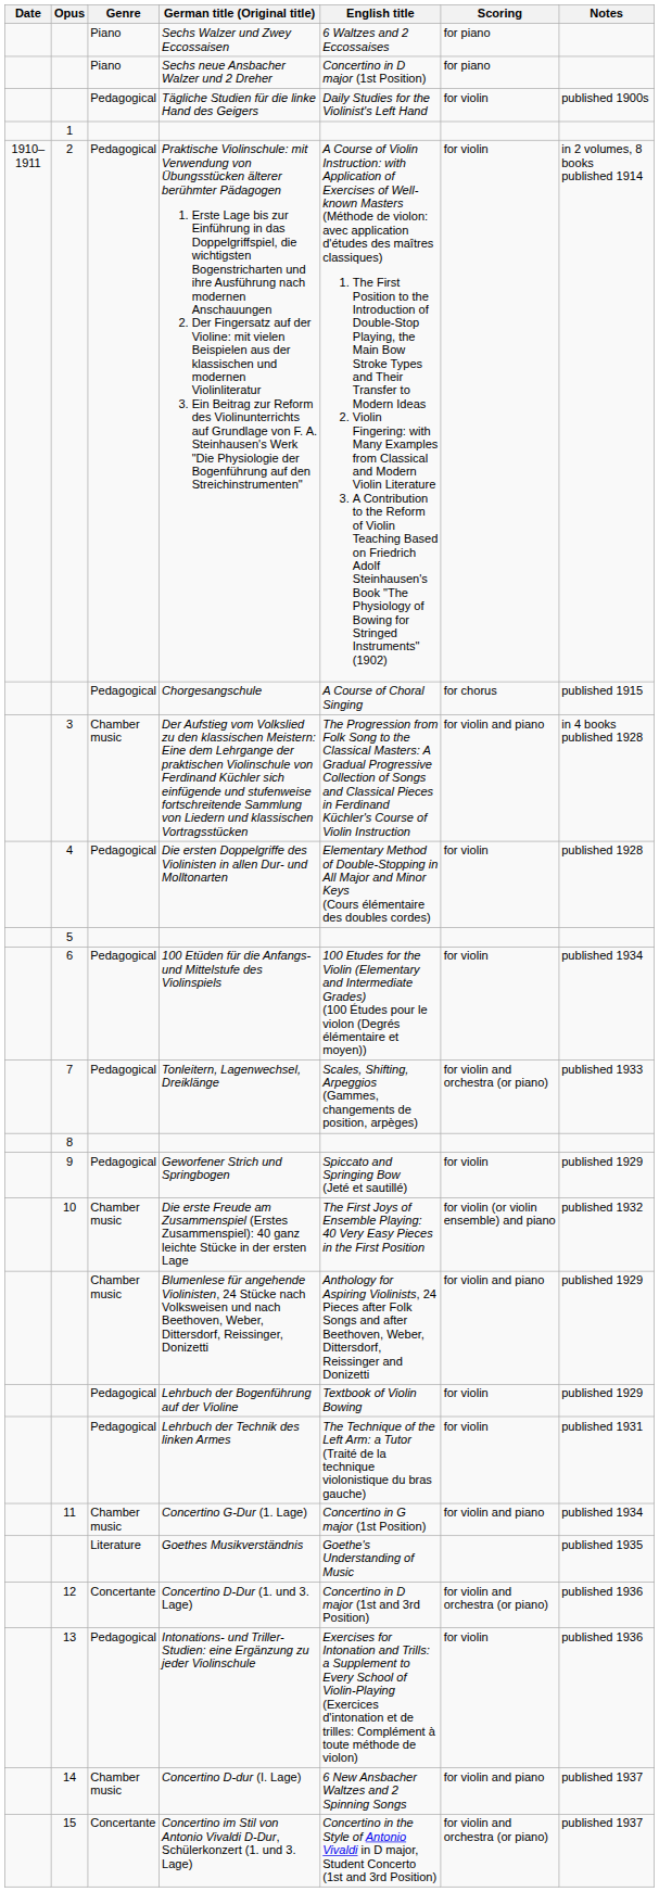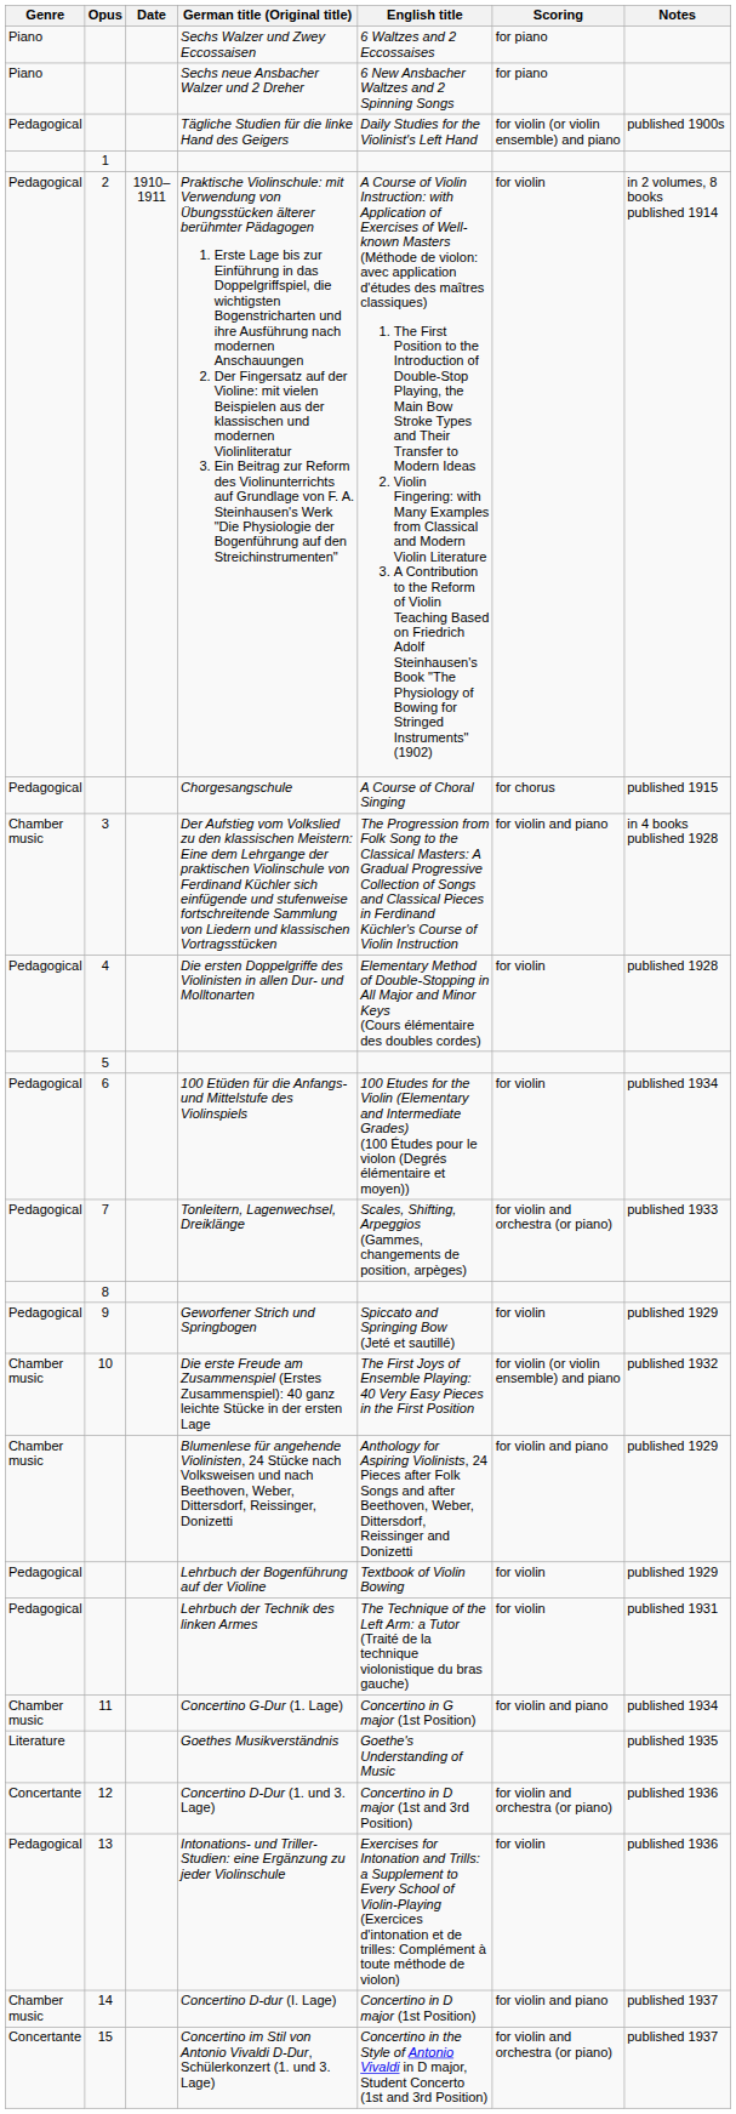 <table class="sortable wikitable" style="margins:auto; width=95%;">
 <tr>
+<th width="80">Genre</th>
+<th width="35">Opus</th>
 <th width="55">Date</th>
-<th width="35">Opus</th>
-<th width="80">Genre</th>
 <th width=>German title (Original title)</th>
 <th width=>English title</th>
 <th width=150>Scoring</th>
 <th width="120">Notes</th>
 </tr>
 <tr valign="top">
+<td>Piano</td>
 <td align=center></td>
 <td align=center></td>
-<td>Piano</td>
 <td><em>Sechs Walzer und Zwey Eccossaisen</em></td>
 <td><em>6 Waltzes and 2 Eccossaises</em></td>
 <td>for piano</td>
 <td></td>
 </tr>
 <tr valign="top">
+<td>Piano</td>
 <td align=center></td>
 <td align=center></td>
-<td>Piano</td>
 <td><em>Sechs neue Ansbacher Walzer und 2 Dreher</em></td>
-<td><em>Concertino in D major</em> (1st Position)</td>
+<td><em>6 New Ansbacher Waltzes and 2 Spinning Songs</em></td>
 <td>for piano</td>
 <td></td>
 </tr>
 <tr valign="top">
+<td>Pedagogical</td>
 <td align=center></td>
 <td align=center></td>
-<td>Pedagogical</td>
 <td><em>Tägliche Studien für die linke Hand des Geigers</em></td>
 <td><em>Daily Studies for the Violinist's Left Hand</em></td>
-<td>for violin</td>
+<td>for violin (or violin ensemble) and piano</td>
 <td>published 1900s</td>
 </tr>
 <tr valign="top">
+<td></td>
+<td align=center>1</td>
 <td align=center></td>
-<td align=center>1</td>
-<td></td>
 <td></td>
 <td></td>
 <td></td>
 <td></td>
 </tr>
 <tr valign="top">
+<td>Pedagogical</td>
+<td align=center>2</td>
 <td align=center>1910–1911</td>
-<td align=center>2</td>
-<td>Pedagogical</td>
 <td><em>Praktische Violinschule: mit Verwendung von Übungsstücken älterer berühmter Pädagogen</em><br><ol><li>Erste Lage bis zur Einführung in das Doppelgriffspiel, die wichtigsten Bogenstricharten und ihre Ausführung nach modernen Anschauungen</li><li>Der Fingersatz auf der Violine: mit vielen Beispielen aus der klassischen und modernen Violinliteratur</li><li>Ein Beitrag zur Reform des Violinunterrichts auf Grundlage von F. A. Steinhausen's Werk "Die Physiologie der Bogenführung auf den Streichinstrumenten"</li></ol></td>
 <td><em>A Course of Violin Instruction: with Application of Exercises of Well-known Masters</em> <br> (Méthode de violon: avec application d'études des maîtres classiques)<br><ol><li>The First Position to the Introduction of Double-Stop Playing, the Main Bow Stroke Types and Their Transfer to Modern Ideas</li><li>Violin Fingering: with Many Examples from Classical and Modern Violin Literature</li><li>A Contribution to the Reform of Violin Teaching Based on Friedrich Adolf Steinhausen's Book "The Physiology of Bowing for Stringed Instruments" (1902)</li></ol></td>
 <td>for violin</td>
 <td>in 2 volumes, 8 books <br> published 1914</td>
 </tr>
 <tr valign="top">
+<td>Pedagogical</td>
 <td align=center></td>
 <td align=center></td>
-<td>Pedagogical</td>
 <td><em>Chorgesangschule</em></td>
 <td><em>A Course of Choral Singing</em></td>
 <td>for chorus</td>
 <td>published 1915</td>
 </tr>
 <tr valign="top">
+<td>Chamber music</td>
+<td align=center>3</td>
 <td align=center></td>
-<td align=center>3</td>
-<td>Chamber music</td>
 <td><em>Der Aufstieg vom Volkslied zu den klassischen Meistern: Eine dem Lehrgange der praktischen Violinschule von Ferdinand Küchler sich einfügende und stufenweise fortschreitende Sammlung von Liedern und klassischen Vortragsstücken</em><br></td>
 <td><em>The Progression from Folk Song to the Classical Masters: A Gradual Progressive Collection of Songs and Classical Pieces in Ferdinand Küchler's Course of Violin Instruction</em></td>
 <td>for violin and piano</td>
 <td>in 4 books <br> published 1928</td>
 </tr>
 <tr valign="top">
+<td>Pedagogical</td>
+<td align=center>4</td>
 <td align=center></td>
-<td align=center>4</td>
-<td>Pedagogical</td>
 <td><em>Die ersten Doppelgriffe des Violinisten in allen Dur- und Molltonarten</em></td>
 <td><em>Elementary Method of Double-Stopping in All Major and Minor Keys</em> <br> (Cours élémentaire des doubles cordes)</td>
 <td>for violin</td>
 <td>published 1928</td>
 </tr>
 <tr valign="top">
+<td></td>
+<td align=center>5</td>
 <td align=center></td>
-<td align=center>5</td>
-<td></td>
 <td></td>
 <td></td>
 <td></td>
 <td></td>
 </tr>
 <tr valign="top">
+<td>Pedagogical</td>
+<td align=center>6</td>
 <td align=center></td>
-<td align=center>6</td>
-<td>Pedagogical</td>
 <td><em>100 Etüden für die Anfangs- und Mittelstufe des Violinspiels</em></td>
 <td><em>100 Etudes for the Violin (Elementary and Intermediate Grades)</em> <br> (100 Études pour le violon (Degrés élémentaire et moyen))</td>
 <td>for violin</td>
 <td>published 1934</td>
 </tr>
 <tr valign="top">
+<td>Pedagogical</td>
+<td align=center>7</td>
 <td align=center></td>
-<td align=center>7</td>
-<td>Pedagogical</td>
 <td><em>Tonleitern, Lagenwechsel, Dreiklänge</em></td>
 <td><em>Scales, Shifting, Arpeggios</em> <br> (Gammes, changements de position, arpèges)</td>
 <td>for violin and orchestra (or piano)</td>
 <td>published 1933</td>
 </tr>
 <tr valign="top">
+<td></td>
+<td align=center>8</td>
 <td align=center></td>
-<td align=center>8</td>
-<td></td>
 <td></td>
 <td></td>
 <td></td>
 <td></td>
 </tr>
 <tr valign="top">
+<td>Pedagogical</td>
+<td align=center>9</td>
 <td align=center></td>
-<td align=center>9</td>
-<td>Pedagogical</td>
 <td><em>Geworfener Strich und Springbogen</em></td>
 <td><em>Spiccato and Springing Bow</em> <br> (Jeté et sautillé)</td>
 <td>for violin</td>
 <td>published 1929</td>
 </tr>
 <tr valign="top">
+<td>Chamber music</td>
+<td align=center>10</td>
 <td align=center></td>
-<td align=center>10</td>
-<td>Chamber music</td>
 <td><em>Die erste Freude am Zusammenspiel</em> (Erstes Zusammenspiel): 40 ganz leichte Stücke in der ersten Lage</td>
 <td><em>The First Joys of Ensemble Playing: 40 Very Easy Pieces in the First Position</em></td>
 <td>for violin (or violin ensemble) and piano</td>
 <td>published 1932</td>
 </tr>
 <tr valign="top">
+<td>Chamber music</td>
 <td align=center></td>
 <td align=center></td>
-<td>Chamber music</td>
 <td><em>Blumenlese für angehende Violinisten</em>, 24 Stücke nach Volksweisen und nach Beethoven, Weber, Dittersdorf, Reissinger, Donizetti</td>
 <td><em>Anthology for Aspiring Violinists</em>, 24 Pieces after Folk Songs and after Beethoven, Weber, Dittersdorf, Reissinger and Donizetti</td>
 <td>for violin and piano</td>
 <td>published 1929</td>
 </tr>
 <tr valign="top">
+<td>Pedagogical</td>
 <td align=center></td>
 <td align=center></td>
-<td>Pedagogical</td>
 <td><em>Lehrbuch der Bogenführung auf der Violine</em></td>
 <td><em>Textbook of Violin Bowing</em></td>
 <td>for violin</td>
 <td>published 1929</td>
 </tr>
 <tr valign="top">
+<td>Pedagogical</td>
 <td align=center></td>
 <td align=center></td>
-<td>Pedagogical</td>
 <td><em>Lehrbuch der Technik des linken Armes</em></td>
 <td><em>The Technique of the Left Arm: a Tutor</em> <br> (Traité de la technique violonistique du bras gauche)</td>
 <td>for violin</td>
 <td>published 1931</td>
 </tr>
 <tr valign="top">
+<td>Chamber music</td>
+<td align=center>11</td>
 <td align=center></td>
-<td align=center>11</td>
-<td>Chamber music</td>
 <td><em>Concertino G-Dur</em> (1. Lage)</td>
 <td><em>Concertino in G major</em> (1st Position)</td>
 <td>for violin and piano</td>
 <td>published 1934</td>
 </tr>
 <tr valign="top">
+<td>Literature</td>
 <td align=center></td>
 <td align=center></td>
-<td>Literature</td>
 <td><em>Goethes Musikverständnis</em></td>
 <td><em>Goethe's Understanding of Music</em></td>
 <td></td>
 <td>published 1935</td>
 </tr>
 <tr valign="top">
+<td>Concertante</td>
+<td align=center>12</td>
 <td align=center></td>
-<td align=center>12</td>
-<td>Concertante</td>
 <td><em>Concertino D-Dur</em> (1. und 3. Lage)</td>
 <td><em>Concertino in D major</em> (1st and 3rd Position)</td>
 <td>for violin and orchestra (or piano)</td>
 <td>published 1936</td>
 </tr>
 <tr valign="top">
+<td>Pedagogical</td>
+<td align=center>13</td>
 <td align=center></td>
-<td align=center>13</td>
-<td>Pedagogical</td>
 <td><em>Intonations- und Triller-Studien: eine Ergänzung zu jeder Violinschule</em></td>
 <td><em>Exercises for Intonation and Trills: a Supplement to Every School of Violin-Playing</em> <br> (Exercices d'intonation et de trilles: Complément à toute méthode de violon)</td>
 <td>for violin</td>
 <td>published 1936</td>
 </tr>
 <tr valign="top">
+<td>Chamber music</td>
+<td align=center>14</td>
 <td align=center></td>
-<td align=center>14</td>
-<td>Chamber music</td>
 <td><em>Concertino D-dur</em> (I. Lage)</td>
-<td><em>6 New Ansbacher Waltzes and 2 Spinning Songs</em></td>
+<td><em>Concertino in D major</em> (1st Position)</td>
 <td>for violin and piano</td>
 <td>published 1937</td>
 </tr>
 <tr valign="top">
+<td>Concertante</td>
+<td align=center>15</td>
 <td align=center></td>
-<td align=center>15</td>
-<td>Concertante</td>
 <td><em>Concertino im Stil von Antonio Vivaldi D-Dur</em>, Schülerkonzert (1. und 3. Lage)</td>
 <td><em>Concertino in the Style of <a href='#'>Antonio Vivaldi</a></em> in D major, Student Concerto (1st and 3rd Position)</td>
 <td>for violin and orchestra (or piano)</td>
 <td>published 1937</td>
 </tr>
 </table>
